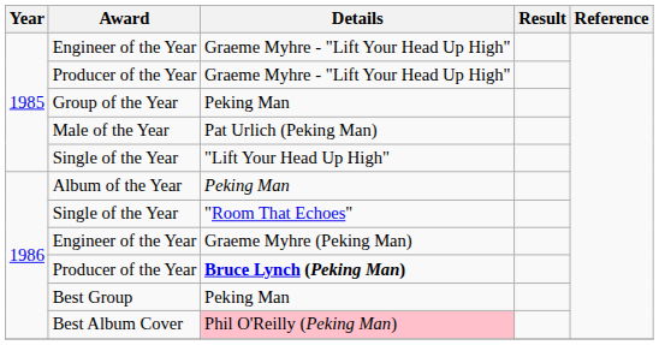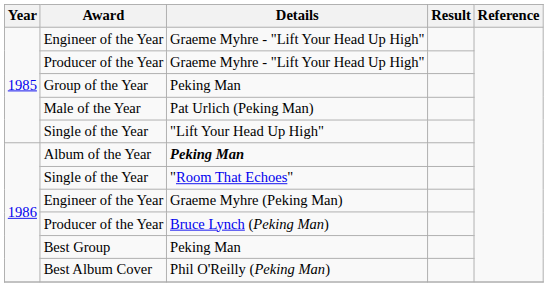 <table class="wikitable ">
 <tr>
 <th>Year</th>
 <th>Award</th>
 <th>Details</th>
 <th>Result</th>
 <th>Reference</th>
 </tr>
 <tr>
 <td rowspan=5><a href='#'>1985</a></td>
 <td>Engineer of the Year</td>
 <td>Graeme Myhre - "Lift Your Head Up High"</td>
 <td></td>
 <td rowspan="11"></td>
 </tr>
 <tr>
 <td>Producer of the Year</td>
 <td>Graeme Myhre - "Lift Your Head Up High"</td>
 <td></td>
 </tr>
 <tr>
 <td>Group of the Year</td>
 <td>Peking Man</td>
 <td></td>
 </tr>
 <tr>
 <td>Male of the Year</td>
 <td>Pat Urlich (Peking Man)</td>
 <td></td>
 </tr>
 <tr>
 <td>Single of the Year</td>
 <td>"Lift Your Head Up High"</td>
 <td></td>
 </tr>
 <tr>
 <td rowspan=6><a href='#'>1986</a></td>
 <td>Album of the Year</td>
-<td><em>Peking Man</em></td>
+<td><strong><em>Peking Man</em></strong></td>
 <td></td>
 </tr>
 <tr>
 <td>Single of the Year</td>
 <td>"<a href='#'>Room That Echoes</a>"</td>
 <td></td>
 </tr>
 <tr>
 <td>Engineer of the Year</td>
 <td>Graeme Myhre (Peking Man)</td>
 <td></td>
 </tr>
 <tr>
 <td>Producer of the Year</td>
-<td><strong><a href='#'>Bruce Lynch</a> (<em>Peking Man</em>)</strong></td>
+<td><a href='#'>Bruce Lynch</a> (<em>Peking Man</em>)</td>
 <td></td>
 </tr>
 <tr>
 <td>Best Group</td>
 <td>Peking Man</td>
 <td></td>
 </tr>
 <tr>
 <td>Best Album Cover</td>
-<td style="background: pink;">Phil O'Reilly (<em>Peking Man</em>)</td>
+<td>Phil O'Reilly (<em>Peking Man</em>)</td>
 <td></td>
 </tr>
 <tr>
 </tr>
 </table>
